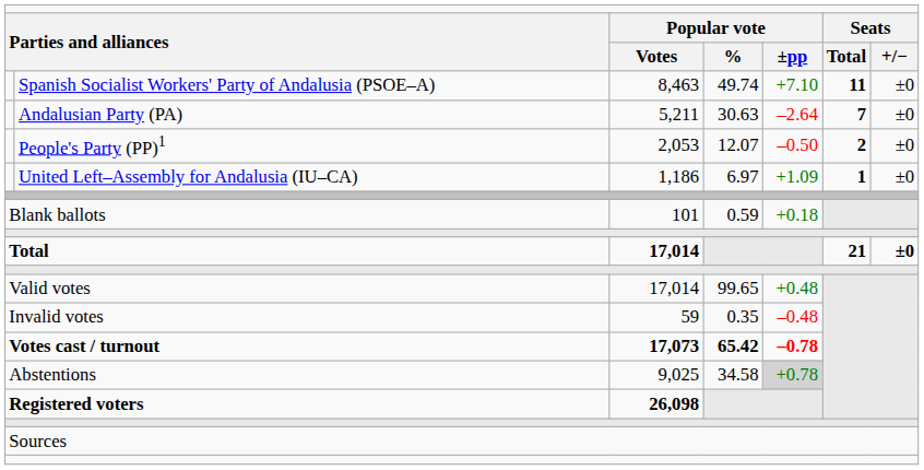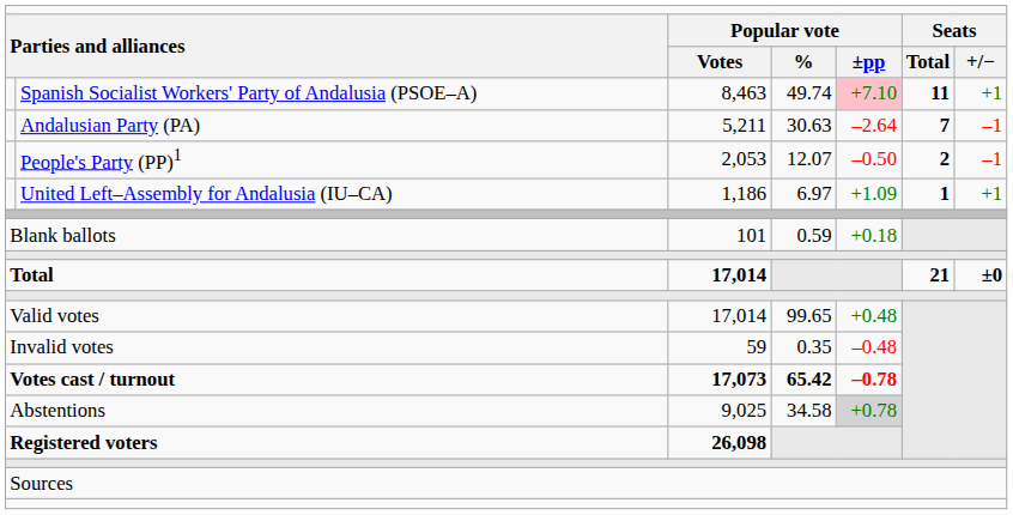 <table class="wikitable" style="text-align:right;">
 <tr>
 <td colspan="7"></td>
 </tr>
 <tr>
 <th style="text-align:left;" rowspan="2" colspan="2" width="525">Parties and alliances</th>
 <th colspan="3">Popular vote</th>
 <th colspan="2">Seats</th>
 </tr>
 <tr>
 <th width="75">Votes</th>
 <th width="45">%</th>
 <th width="45">±<a href='#'>pp</a></th>
 <th width="35">Total</th>
 <th width="35">+/−</th>
 </tr>
 <tr>
 <td width="1" style="color:inherit;background:"></td>
 <td align="left"><a href='#'>Spanish Socialist Workers' Party of Andalusia</a> (PSOE–A)</td>
 <td>8,463</td>
 <td>49.74</td>
-<td style="color:green;">+7.10</td>
+<td style="background: pink; color:green;">+7.10</td>
 <td><strong>11</strong></td>
-<td>±0</td>
+<td style="color:green;">+1</td>
 </tr>
 <tr>
 <td style="color:inherit;background:"></td>
 <td align="left"><a href='#'>Andalusian Party</a> (PA)</td>
 <td>5,211</td>
 <td>30.63</td>
 <td style="color:red;">–2.64</td>
 <td><strong>7</strong></td>
-<td>±0</td>
+<td style="color:red;">–1</td>
 </tr>
 <tr>
 <td style="color:inherit;background:"></td>
 <td align="left"><a href='#'>People's Party</a> (PP)<sup>1</sup></td>
 <td>2,053</td>
 <td>12.07</td>
 <td style="color:red;">–0.50</td>
 <td><strong>2</strong></td>
-<td>±0</td>
+<td style="color:red;">–1</td>
 </tr>
 <tr>
 <td style="color:inherit;background:"></td>
 <td align="left"><a href='#'>United Left–Assembly for Andalusia</a> (IU–CA)</td>
 <td>1,186</td>
 <td>6.97</td>
 <td style="color:green;">+1.09</td>
 <td><strong>1</strong></td>
-<td>±0</td>
+<td style="color:green;">+1</td>
 </tr>
 <tr>
 <td colspan="7" bgcolor="#C0C0C0"></td>
 </tr>
 <tr>
 <td align="left" colspan="2">Blank ballots</td>
 <td>101</td>
 <td>0.59</td>
 <td style="color:green;">+0.18</td>
 <td bgcolor="#E9E9E9" colspan="2"></td>
 </tr>
 <tr>
 <td colspan="7" bgcolor="#E9E9E9"></td>
 </tr>
 <tr style="font-weight:bold;">
 <td align="left" colspan="2">Total</td>
 <td>17,014</td>
 <td bgcolor="#E9E9E9" colspan="2"></td>
 <td>21</td>
 <td>±0</td>
 </tr>
 <tr>
 <td colspan="7" bgcolor="#E9E9E9"></td>
 </tr>
 <tr>
 <td align="left" colspan="2">Valid votes</td>
 <td>17,014</td>
 <td>99.65</td>
 <td style="color:green;">+0.48</td>
 <td bgcolor="#E9E9E9" colspan="2" rowspan="5"></td>
 </tr>
 <tr>
 <td align="left" colspan="2">Invalid votes</td>
 <td>59</td>
 <td>0.35</td>
 <td style="color:red;">–0.48</td>
 </tr>
 <tr style="font-weight:bold;">
 <td align="left" colspan="2">Votes cast / turnout</td>
 <td>17,073</td>
 <td>65.42</td>
 <td style="color:red;">–0.78</td>
 </tr>
 <tr>
 <td align="left" colspan="2">Abstentions</td>
 <td>9,025</td>
 <td>34.58</td>
 <td style="background: lightgrey; color:green;">+0.78</td>
 </tr>
 <tr style="font-weight:bold;">
 <td align="left" colspan="2">Registered voters</td>
 <td>26,098</td>
 <td bgcolor="#E9E9E9" colspan="2"></td>
 </tr>
 <tr>
 <td colspan="7" bgcolor="#E9E9E9"></td>
 </tr>
 <tr>
 <td align="left" colspan="7">Sources</td>
 </tr>
 <tr>
 <td colspan="7" style="text-align:left; max-width:790px;"></td>
 </tr>
 </table>
